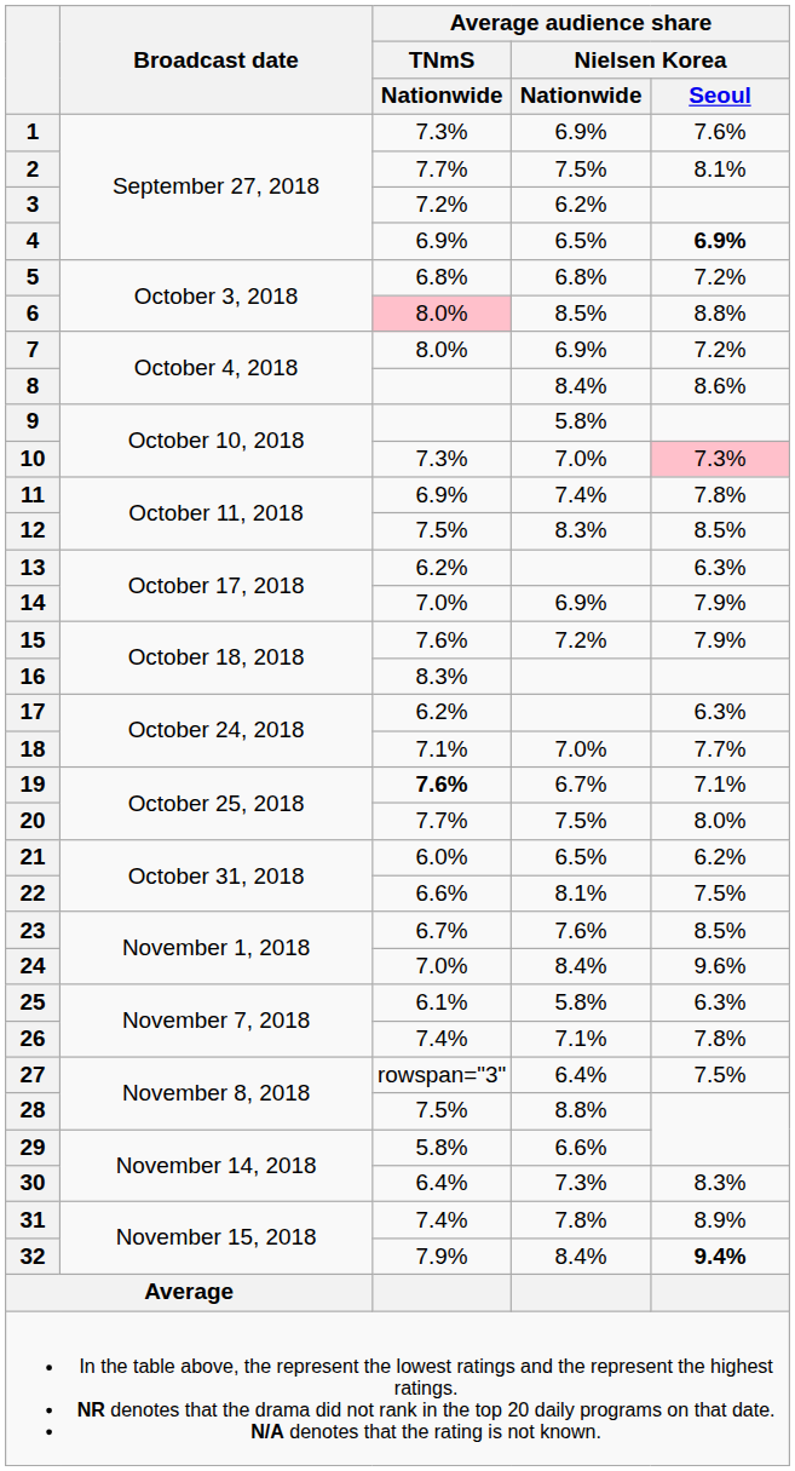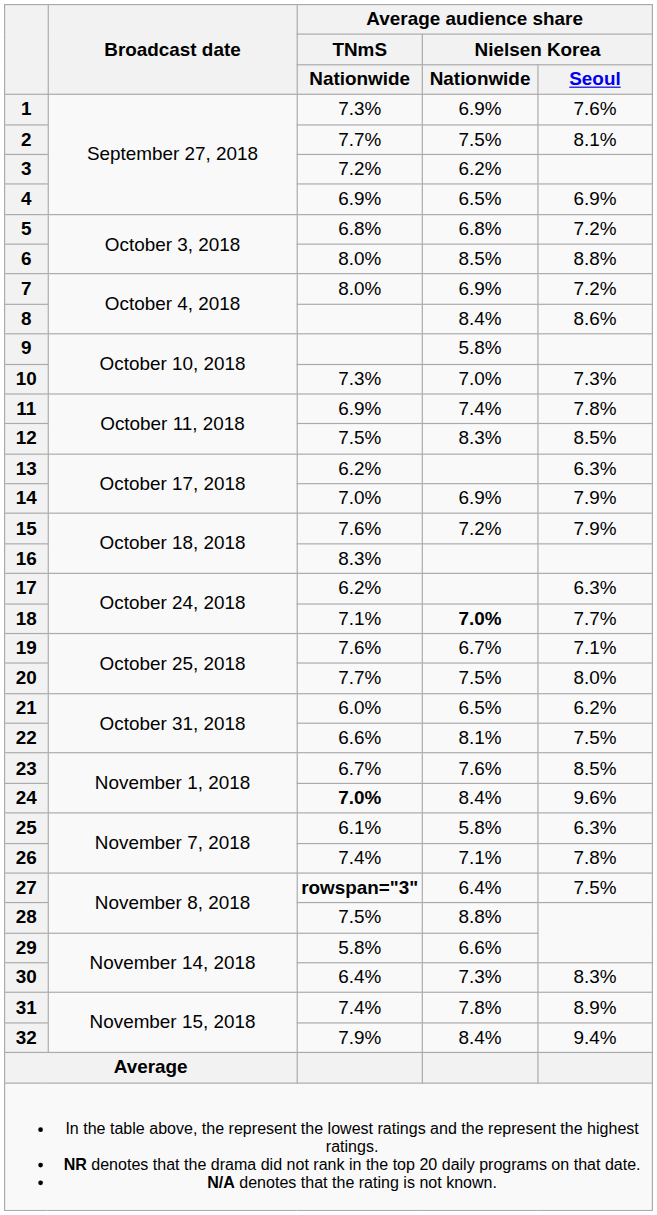 <table class="wikitable" style="text-align:center; width:550px">
 <tr>
 <th rowspan="3"></th>
 <th rowspan="3">Broadcast date</th>
 <th colspan="3">Average audience share</th>
 </tr>
 <tr>
 <th>TNmS</th>
 <th colspan="2">Nielsen Korea</th>
 </tr>
 <tr>
 <th width="90">Nationwide</th>
 <th width="90">Nationwide</th>
 <th width="90"><a href='#'>Seoul</a></th>
 </tr>
 <tr>
 <th>1</th>
 <td rowspan="4">September 27, 2018</td>
 <td>7.3%</td>
 <td>6.9% </td>
 <td>7.6% </td>
 </tr>
 <tr>
 <th>2</th>
 <td>7.7%</td>
 <td>7.5% </td>
 <td>8.1% </td>
 </tr>
 <tr>
 <th>3</th>
 <td>7.2%</td>
 <td>6.2% </td>
 <td> </td>
 </tr>
 <tr>
 <th>4</th>
 <td>6.9%</td>
 <td>6.5% </td>
-<td><strong>6.9% </strong></td>
+<td>6.9% </td>
 </tr>
 <tr>
 <th>5</th>
 <td rowspan="2">October 3, 2018</td>
 <td>6.8%</td>
 <td>6.8% </td>
 <td>7.2% </td>
 </tr>
 <tr>
 <th>6</th>
-<td style="background: pink;">8.0%</td>
+<td>8.0%</td>
 <td>8.5% </td>
 <td>8.8% </td>
 </tr>
 <tr>
 <th>7</th>
 <td rowspan="2">October 4, 2018</td>
 <td>8.0%</td>
 <td>6.9% </td>
 <td>7.2% </td>
 </tr>
 <tr>
 <th>8</th>
 <td></td>
 <td>8.4% </td>
 <td>8.6% </td>
 </tr>
 <tr>
 <th>9</th>
 <td rowspan="2">October 10, 2018</td>
 <td></td>
 <td>5.8% </td>
 <td> </td>
 </tr>
 <tr>
 <th>10</th>
 <td>7.3%</td>
 <td>7.0% </td>
-<td style="background: pink;">7.3% </td>
+<td>7.3% </td>
 </tr>
 <tr>
 <th>11</th>
 <td rowspan="2">October 11, 2018</td>
 <td>6.9%</td>
 <td>7.4% </td>
 <td>7.8% </td>
 </tr>
 <tr>
 <th>12</th>
 <td>7.5%</td>
 <td>8.3% </td>
 <td>8.5% </td>
 </tr>
 <tr>
 <th>13</th>
 <td rowspan="2">October 17, 2018</td>
 <td>6.2%</td>
 <td> </td>
 <td>6.3% </td>
 </tr>
 <tr>
 <th>14</th>
 <td>7.0%</td>
 <td>6.9% </td>
 <td>7.9% </td>
 </tr>
 <tr>
 <th>15</th>
 <td rowspan="2">October 18, 2018</td>
 <td>7.6%</td>
 <td>7.2% </td>
 <td>7.9% </td>
 </tr>
 <tr>
 <th>16</th>
 <td>8.3%</td>
 <td> </td>
 <td> </td>
 </tr>
 <tr>
 <th>17</th>
 <td rowspan="2">October 24, 2018</td>
 <td>6.2%</td>
 <td> </td>
 <td>6.3% </td>
 </tr>
 <tr>
 <th>18</th>
 <td>7.1%</td>
-<td>7.0% </td>
+<td><strong>7.0% </strong></td>
 <td>7.7% </td>
 </tr>
 <tr>
 <th>19</th>
 <td rowspan="2">October 25, 2018</td>
-<td><strong>7.6%</strong></td>
+<td>7.6%</td>
 <td>6.7% </td>
 <td>7.1% </td>
 </tr>
 <tr>
 <th>20</th>
 <td>7.7%</td>
 <td>7.5% </td>
 <td>8.0% </td>
 </tr>
 <tr>
 <th>21</th>
 <td rowspan="2">October 31, 2018</td>
 <td>6.0%</td>
 <td>6.5% </td>
 <td>6.2% </td>
 </tr>
 <tr>
 <th>22</th>
 <td>6.6%</td>
 <td>8.1% </td>
 <td>7.5% </td>
 </tr>
 <tr>
 <th>23</th>
 <td rowspan="2">November 1, 2018</td>
 <td>6.7%</td>
 <td>7.6% </td>
 <td>8.5% </td>
 </tr>
 <tr>
 <th>24</th>
-<td>7.0%</td>
+<td><strong>7.0%</strong></td>
 <td>8.4% </td>
 <td>9.6% </td>
 </tr>
 <tr>
 <th>25</th>
 <td rowspan="2">November 7, 2018</td>
 <td>6.1%</td>
 <td>5.8% </td>
 <td>6.3% </td>
 </tr>
 <tr>
 <th>26</th>
 <td>7.4%</td>
 <td>7.1% </td>
 <td>7.8% </td>
 </tr>
 <tr>
 <th>27</th>
 <td rowspan="2">November 8, 2018</td>
-<td>rowspan="3" </td>
+<td><strong>rowspan="3" </strong></td>
 <td>6.4% </td>
 <td>7.5% </td>
 </tr>
 <tr>
 <th>28</th>
 <td>7.5% </td>
 <td>8.8% </td>
 </tr>
 <tr>
 <th>29</th>
 <td rowspan="2">November 14, 2018</td>
 <td>5.8% </td>
 <td>6.6% </td>
 </tr>
 <tr>
 <th>30</th>
 <td>6.4%</td>
 <td>7.3% </td>
 <td>8.3% </td>
 </tr>
 <tr>
 <th>31</th>
 <td rowspan="2">November 15, 2018</td>
 <td>7.4%</td>
 <td>7.8% </td>
 <td>8.9% </td>
 </tr>
 <tr>
 <th>32</th>
 <td>7.9%</td>
 <td>8.4% </td>
-<td><strong>9.4% </strong></td>
+<td>9.4% </td>
 </tr>
 <tr>
 <th colspan="2">Average</th>
 <th></th>
 <th></th>
 <th></th>
 </tr>
 <tr>
 <td colspan="5" style="font-size:85%"><br><ul><li>In the table above, the <strong></strong> represent the lowest ratings and the <strong></strong> represent the highest ratings.</li><li><strong>NR</strong> denotes that the drama did not rank in the top 20 daily programs on that date.</li><li><strong>N/A</strong> denotes that the rating is not known.</li></ul></td>
 </tr>
 </table>
